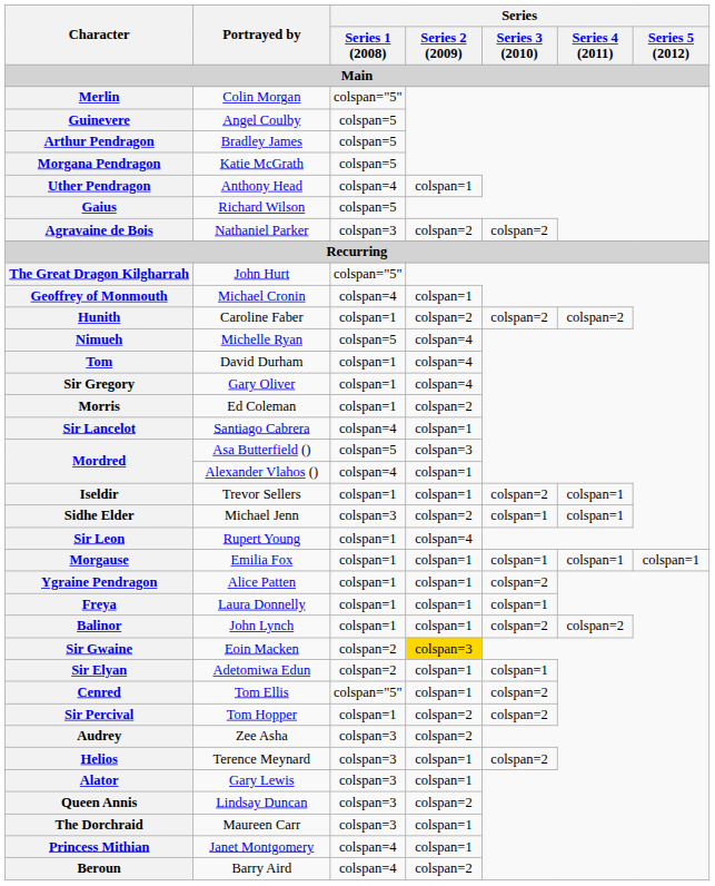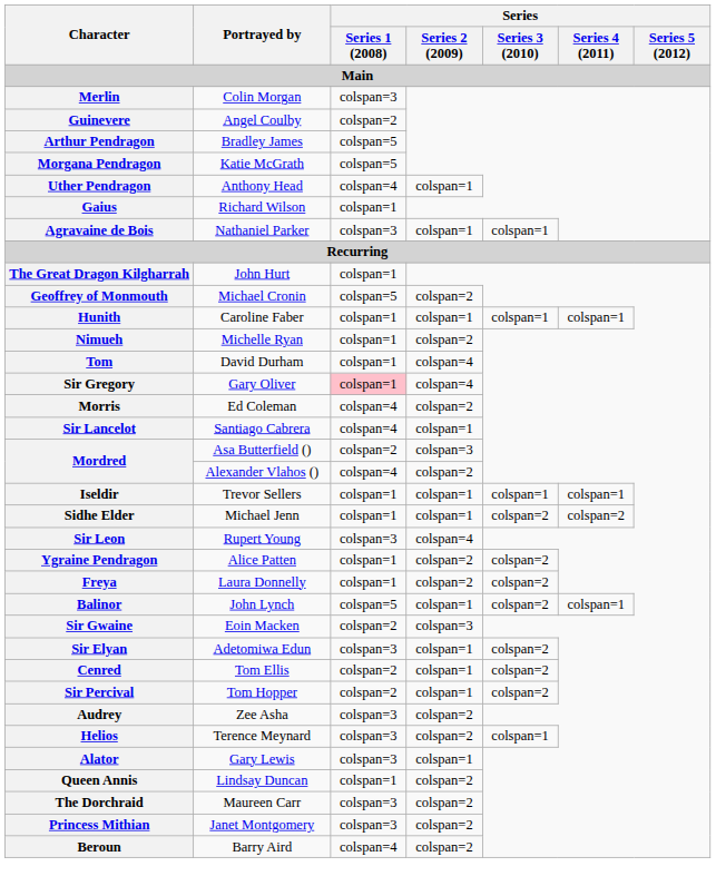 <table class="wikitable" style="text-align:center;">
 <tr>
 <th rowspan="2" style="width:210px;">Character</th>
 <th style="width:150px;" rowspan="2">Portrayed by</th>
 <th colspan="5">Series</th>
 </tr>
 <tr>
 <th style="width:80px;"><a href='#'>Series 1</a><br>(2008)</th>
 <th style="width:80px;"><a href='#'>Series 2</a><br>(2009)</th>
 <th style="width:80px;"><a href='#'>Series 3</a><br>(2010)</th>
 <th style="width:80px;"><a href='#'>Series 4</a><br>(2011)</th>
 <th style="width:80px;"><a href='#'>Series 5</a><br>(2012)</th>
 </tr>
 <tr>
 <th colspan="7" style="background:lightgrey;"><strong>Main</strong></th>
 </tr>
 <tr>
 <th><a href='#'>Merlin</a></th>
 <td><a href='#'>Colin Morgan</a></td>
-<td>colspan="5" </td>
+<td>colspan=3 </td>
 </tr>
 <tr>
 <th><a href='#'>Guinevere</a></th>
 <td><a href='#'>Angel Coulby</a></td>
-<td>colspan=5 </td>
+<td>colspan=2 </td>
 </tr>
 <tr>
 <th><a href='#'>Arthur Pendragon</a></th>
 <td><a href='#'>Bradley James</a></td>
 <td>colspan=5 </td>
 </tr>
 <tr>
 <th><a href='#'>Morgana Pendragon</a></th>
 <td><a href='#'>Katie McGrath</a></td>
 <td>colspan=5 </td>
 </tr>
 <tr>
 <th><a href='#'>Uther Pendragon</a></th>
 <td><a href='#'>Anthony Head</a></td>
 <td>colspan=4 </td>
 <td>colspan=1 </td>
 </tr>
 <tr>
 <th><a href='#'>Gaius</a></th>
 <td><a href='#'>Richard Wilson</a></td>
-<td>colspan=5 </td>
+<td>colspan=1 </td>
 </tr>
 <tr>
 <th><a href='#'>Agravaine de Bois</a></th>
 <td><a href='#'>Nathaniel Parker</a></td>
 <td>colspan=3 </td>
-<td>colspan=2 </td>
-<td>colspan=2 </td>
+<td>colspan=1 </td>
+<td>colspan=1 </td>
 </tr>
 <tr>
 <th colspan="7" style="background:lightgrey;"><strong>Recurring</strong></th>
 </tr>
 <tr>
 <th><a href='#'>The Great Dragon Kilgharrah</a></th>
 <td><a href='#'>John Hurt</a></td>
-<td>colspan="5" </td>
+<td>colspan=1 </td>
 </tr>
 <tr>
 <th><a href='#'>Geoffrey of Monmouth</a></th>
 <td><a href='#'>Michael Cronin</a></td>
-<td>colspan=4 </td>
-<td>colspan=1 </td>
+<td>colspan=5 </td>
+<td>colspan=2 </td>
 </tr>
 <tr>
 <th><a href='#'>Hunith</a></th>
 <td>Caroline Faber</td>
 <td>colspan=1 </td>
-<td>colspan=2 </td>
-<td>colspan=2 </td>
-<td>colspan=2 </td>
+<td>colspan=1 </td>
+<td>colspan=1 </td>
+<td>colspan=1 </td>
 </tr>
 <tr>
 <th><a href='#'>Nimueh</a></th>
 <td><a href='#'>Michelle Ryan</a></td>
-<td>colspan=5 </td>
-<td>colspan=4 </td>
+<td>colspan=1 </td>
+<td>colspan=2 </td>
 </tr>
 <tr>
 <th><a href='#'>Tom</a></th>
 <td>David Durham</td>
 <td>colspan=1 </td>
 <td>colspan=4 </td>
 </tr>
 <tr>
 <th>Sir Gregory</th>
 <td><a href='#'>Gary Oliver</a></td>
-<td>colspan=1 </td>
+<td style="background: pink;">colspan=1 </td>
 <td>colspan=4 </td>
 </tr>
 <tr>
 <th>Morris</th>
 <td>Ed Coleman</td>
-<td>colspan=1 </td>
+<td>colspan=4 </td>
 <td>colspan=2 </td>
 </tr>
 <tr>
 <th><a href='#'>Sir Lancelot</a></th>
 <td><a href='#'>Santiago Cabrera</a></td>
 <td>colspan=4 </td>
 <td>colspan=1 </td>
 </tr>
 <tr>
 <th rowspan=2><a href='#'>Mordred</a></th>
 <td><a href='#'>Asa Butterfield</a> ()</td>
-<td>colspan=5 </td>
+<td>colspan=2 </td>
 <td>colspan=3 </td>
 </tr>
 <tr>
 <td><a href='#'>Alexander Vlahos</a> ()</td>
 <td>colspan=4 </td>
-<td>colspan=1 </td>
+<td>colspan=2 </td>
 </tr>
 <tr>
 <th>Iseldir</th>
 <td>Trevor Sellers</td>
 <td>colspan=1 </td>
 <td>colspan=1 </td>
-<td>colspan=2 </td>
+<td>colspan=1 </td>
 <td>colspan=1 </td>
 </tr>
 <tr>
 <th>Sidhe Elder</th>
 <td>Michael Jenn</td>
-<td>colspan=3 </td>
-<td>colspan=2 </td>
 <td>colspan=1 </td>
 <td>colspan=1 </td>
+<td>colspan=2 </td>
+<td>colspan=2 </td>
 </tr>
 <tr>
 <th><a href='#'>Sir Leon</a></th>
 <td><a href='#'>Rupert Young</a></td>
-<td>colspan=1 </td>
+<td>colspan=3 </td>
 <td>colspan=4 </td>
-</tr>
-<tr>
-<th><a href='#'>Morgause</a></th>
-<td><a href='#'>Emilia Fox</a></td>
-<td>colspan=1 </td>
-<td>colspan=1 </td>
-<td>colspan=1 </td>
-<td>colspan=1 </td>
-<td>colspan=1 </td>
 </tr>
 <tr>
 <th><a href='#'>Ygraine Pendragon</a></th>
 <td><a href='#'>Alice Patten</a></td>
 <td>colspan=1 </td>
-<td>colspan=1 </td>
+<td>colspan=2 </td>
 <td>colspan=2 </td>
 </tr>
 <tr>
 <th><a href='#'>Freya</a></th>
 <td><a href='#'>Laura Donnelly</a></td>
 <td>colspan=1 </td>
-<td>colspan=1 </td>
-<td>colspan=1 </td>
+<td>colspan=2 </td>
+<td>colspan=2 </td>
 </tr>
 <tr>
 <th><a href='#'>Balinor</a></th>
 <td><a href='#'>John Lynch</a></td>
-<td>colspan=1 </td>
+<td>colspan=5 </td>
 <td>colspan=1 </td>
 <td>colspan=2 </td>
-<td>colspan=2 </td>
+<td>colspan=1 </td>
 </tr>
 <tr>
 <th><a href='#'>Sir Gwaine</a></th>
 <td><a href='#'>Eoin Macken</a></td>
 <td>colspan=2 </td>
-<td style="background: gold;">colspan=3 </td>
+<td>colspan=3 </td>
 </tr>
 <tr>
 <th><a href='#'>Sir Elyan</a></th>
 <td><a href='#'>Adetomiwa Edun</a></td>
+<td>colspan=3 </td>
+<td>colspan=1 </td>
 <td>colspan=2 </td>
-<td>colspan=1 </td>
-<td>colspan=1 </td>
 </tr>
 <tr>
 <th><a href='#'>Cenred</a></th>
 <td><a href='#'>Tom Ellis</a></td>
-<td>colspan="5" </td>
+<td>colspan=2 </td>
 <td>colspan=1 </td>
 <td>colspan=2 </td>
 </tr>
 <tr>
 <th><a href='#'>Sir Percival</a></th>
 <td><a href='#'>Tom Hopper</a></td>
+<td>colspan=2 </td>
 <td>colspan=1 </td>
-<td>colspan=2 </td>
 <td>colspan=2 </td>
 </tr>
 <tr>
 <th>Audrey</th>
 <td>Zee Asha</td>
 <td>colspan=3 </td>
 <td>colspan=2 </td>
 </tr>
 <tr>
 <th><a href='#'>Helios</a></th>
 <td>Terence Meynard</td>
 <td>colspan=3 </td>
+<td>colspan=2 </td>
 <td>colspan=1 </td>
-<td>colspan=2 </td>
 </tr>
 <tr>
 <th><a href='#'>Alator</a></th>
 <td><a href='#'>Gary Lewis</a></td>
 <td>colspan=3 </td>
 <td>colspan=1 </td>
 </tr>
 <tr>
 <th>Queen Annis</th>
 <td><a href='#'>Lindsay Duncan</a></td>
-<td>colspan=3 </td>
+<td>colspan=1 </td>
 <td>colspan=2 </td>
 </tr>
 <tr>
 <th>The Dorchraid</th>
 <td>Maureen Carr</td>
 <td>colspan=3 </td>
-<td>colspan=1 </td>
+<td>colspan=2 </td>
 </tr>
 <tr>
 <th><a href='#'>Princess Mithian</a></th>
 <td><a href='#'>Janet Montgomery</a></td>
-<td>colspan=4 </td>
-<td>colspan=1 </td>
+<td>colspan=3 </td>
+<td>colspan=2 </td>
 </tr>
 <tr>
 <th>Beroun</th>
 <td>Barry Aird</td>
 <td>colspan=4 </td>
 <td>colspan=2 </td>
 </tr>
 </table>
